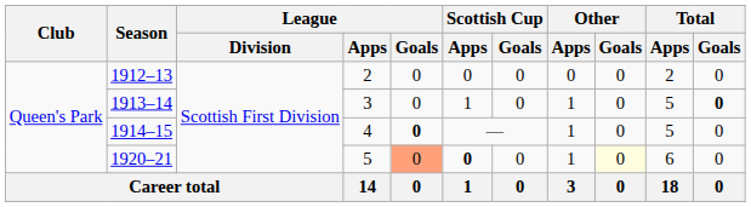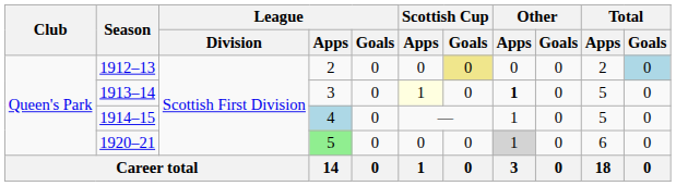 <table class="wikitable" style="text-align: center;">
 <tr>
 <th rowspan="2">Club</th>
 <th rowspan="2">Season</th>
 <th colspan="3">League</th>
 <th colspan="2">Scottish Cup</th>
 <th colspan="2">Other</th>
 <th colspan="2">Total</th>
 </tr>
 <tr>
 <th>Division</th>
 <th>Apps</th>
 <th>Goals</th>
 <th>Apps</th>
 <th>Goals</th>
 <th>Apps</th>
 <th>Goals</th>
 <th>Apps</th>
 <th>Goals</th>
 </tr>
 <tr>
 <td rowspan="4"><a href='#'>Queen's Park</a></td>
 <td><a href='#'>1912–13</a></td>
 <td rowspan="4"><a href='#'>Scottish First Division</a></td>
 <td>2</td>
 <td>0</td>
 <td>0</td>
-<td>0</td>
+<td style="background: khaki;">0</td>
 <td>0</td>
 <td>0</td>
 <td>2</td>
-<td>0</td>
+<td style="background: lightblue;">0</td>
 </tr>
 <tr>
 <td><a href='#'>1913–14</a></td>
 <td>3</td>
 <td>0</td>
-<td>1</td>
+<td style="background: lightyellow;">1</td>
 <td>0</td>
-<td>1</td>
+<td><strong>1</strong></td>
 <td>0</td>
 <td>5</td>
-<td><strong>0</strong></td>
+<td>0</td>
 </tr>
 <tr>
 <td><a href='#'>1914–15</a></td>
-<td>4</td>
-<td><strong>0</strong></td>
+<td style="background: lightblue;">4</td>
+<td>0</td>
 <td colspan="2">—</td>
 <td>1</td>
 <td>0</td>
 <td>5</td>
 <td>0</td>
 </tr>
 <tr>
 <td><a href='#'>1920–21</a></td>
-<td>5</td>
-<td style="background: lightsalmon;">0</td>
-<td><strong>0</strong></td>
+<td style="background: lightgreen;">5</td>
 <td>0</td>
-<td>1</td>
-<td style="background: lightyellow;">0</td>
+<td>0</td>
+<td>0</td>
+<td style="background: lightgrey;">1</td>
+<td>0</td>
 <td>6</td>
 <td>0</td>
 </tr>
 <tr>
 <th colspan="3">Career total</th>
 <th>14</th>
 <th>0</th>
 <th>1</th>
 <th>0</th>
 <th>3</th>
 <th>0</th>
 <th>18</th>
 <th>0</th>
 </tr>
 </table>
